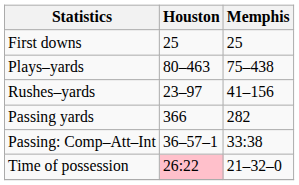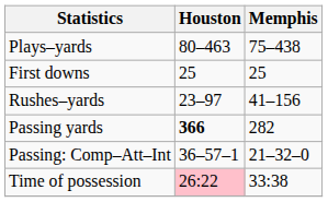 <table class="wikitable" style="float: left;">
 <tr>
 <th>Statistics</th>
 <th>Houston</th>
 <th>Memphis</th>
 </tr>
 <tr>
+<td>Plays–yards</td>
+<td>80–463</td>
+<td>75–438</td>
+</tr>
+<tr>
 <td>First downs</td>
 <td>25</td>
 <td>25</td>
-</tr>
-<tr>
-<td>Plays–yards</td>
-<td>80–463</td>
-<td>75–438</td>
 </tr>
 <tr>
 <td>Rushes–yards</td>
 <td>23–97</td>
 <td>41–156</td>
 </tr>
 <tr>
 <td>Passing yards</td>
-<td>366</td>
+<td><strong>366</strong></td>
 <td>282</td>
 </tr>
 <tr>
 <td>Passing: Comp–Att–Int</td>
 <td>36–57–1</td>
-<td>33:38</td>
+<td>21–32–0</td>
 </tr>
 <tr>
 <td>Time of possession</td>
 <td style="background: pink;">26:22</td>
-<td>21–32–0</td>
+<td>33:38</td>
 </tr>
 <tr>
 </tr>
 </table>
